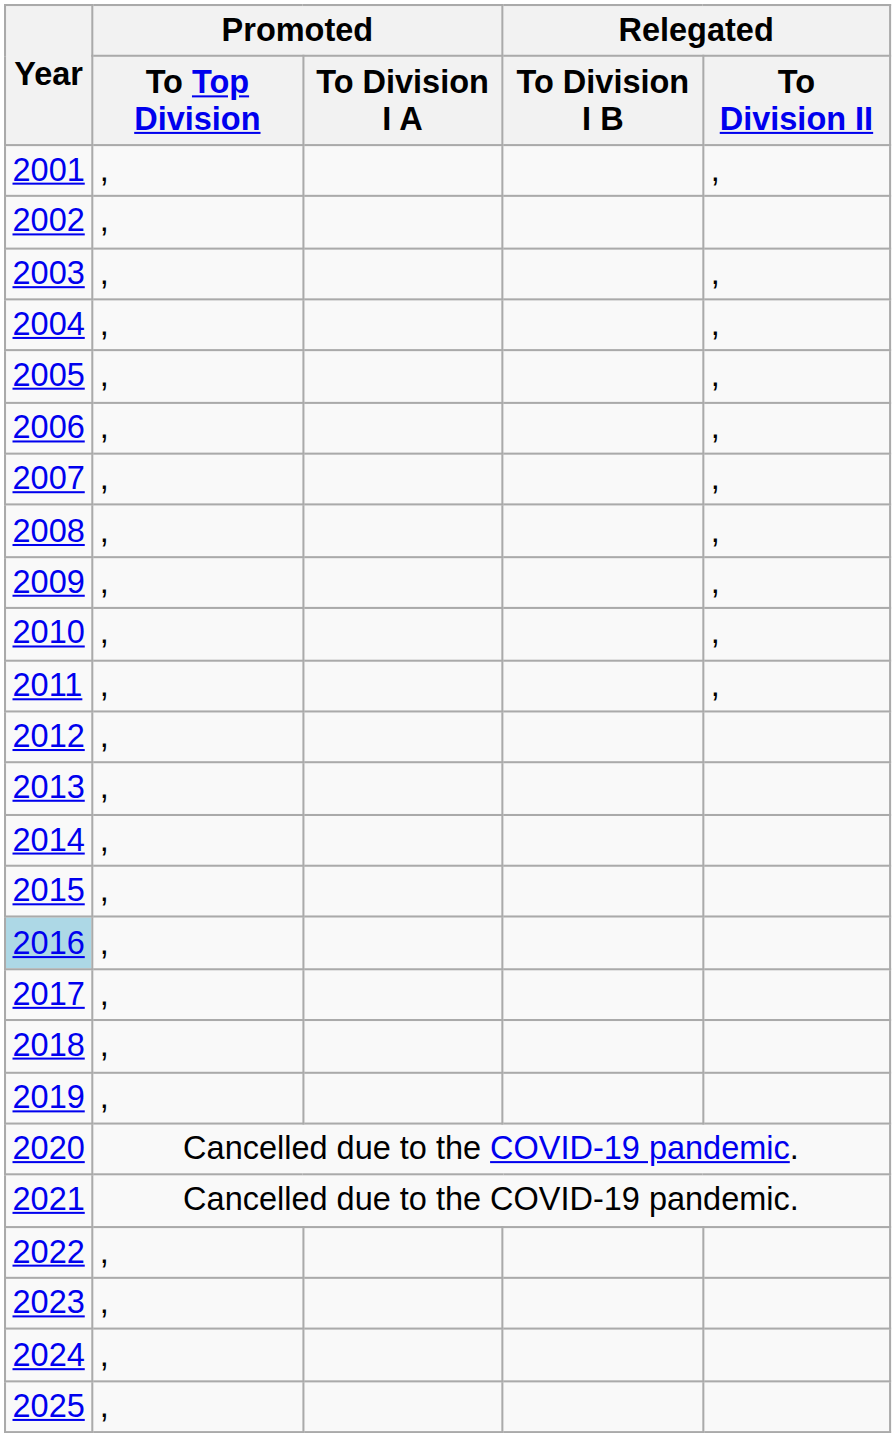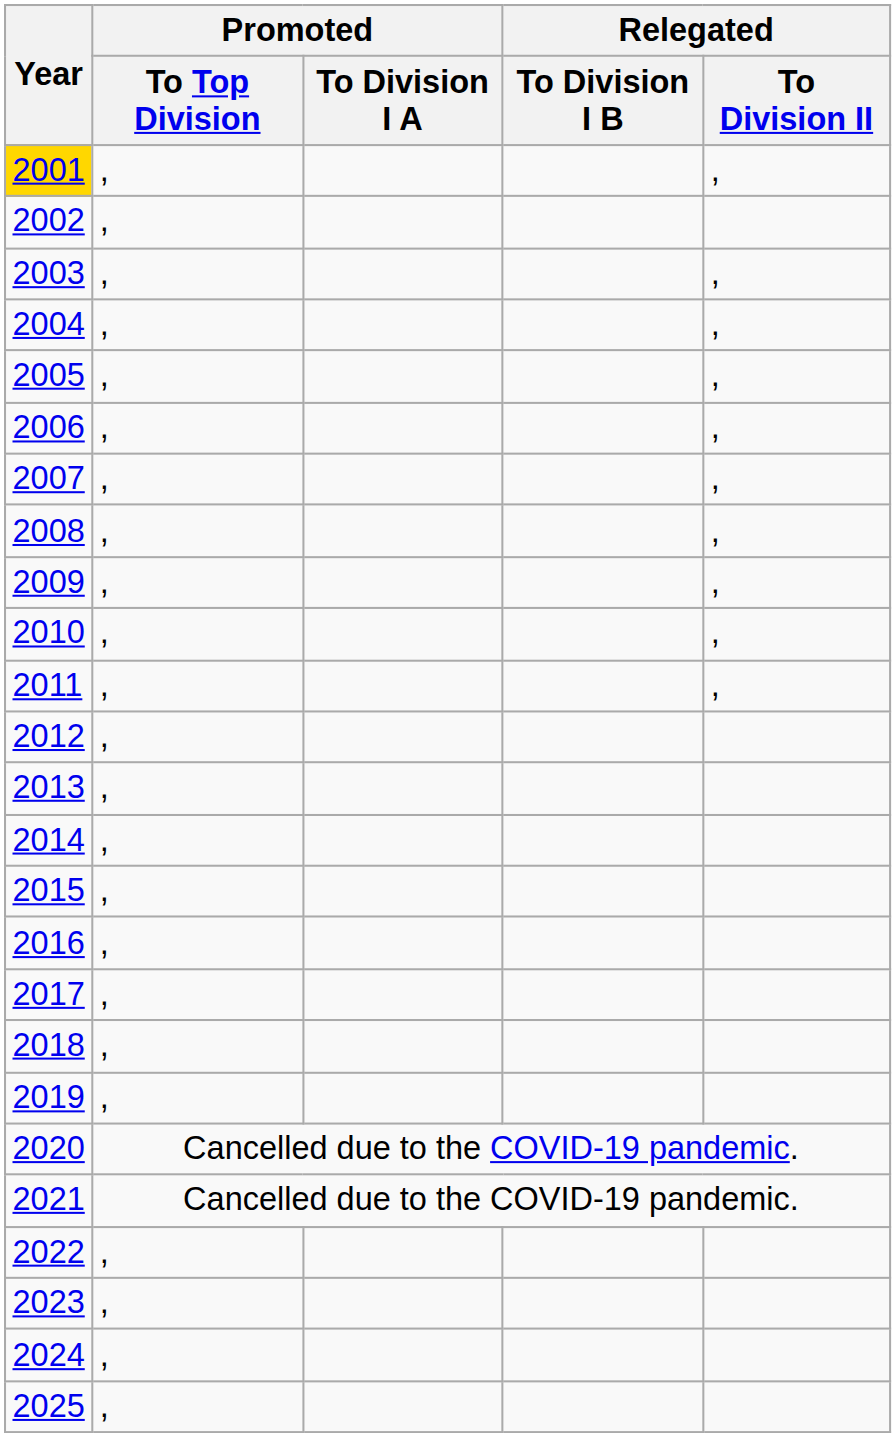 <table class="wikitable" width=70%>
 <tr>
 <th rowspan=2>Year</th>
 <th colspan=2>Promoted</th>
 <th colspan=2>Relegated</th>
 </tr>
 <tr>
 <th>To <a href='#'>Top Division</a></th>
 <th>To Division I A</th>
 <th>To Division I B</th>
 <th>To <a href='#'>Division II</a></th>
 </tr>
 <tr>
-<td><a href='#'>2001</a></td>
+<td style="background: gold;"><a href='#'>2001</a></td>
 <td>, </td>
 <td></td>
 <td></td>
 <td>, </td>
 </tr>
 <tr>
 <td><a href='#'>2002</a></td>
 <td>, </td>
 <td></td>
 <td></td>
 <td> </td>
 </tr>
 <tr>
 <td><a href='#'>2003</a></td>
 <td>, </td>
 <td></td>
 <td></td>
 <td>, </td>
 </tr>
 <tr>
 <td><a href='#'>2004</a></td>
 <td>, </td>
 <td></td>
 <td></td>
 <td>, </td>
 </tr>
 <tr>
 <td><a href='#'>2005</a></td>
 <td>, </td>
 <td></td>
 <td></td>
 <td>, </td>
 </tr>
 <tr>
 <td><a href='#'>2006</a></td>
 <td>, </td>
 <td></td>
 <td></td>
 <td>, </td>
 </tr>
 <tr>
 <td><a href='#'>2007</a></td>
 <td>, </td>
 <td></td>
 <td></td>
 <td>, </td>
 </tr>
 <tr>
 <td><a href='#'>2008</a></td>
 <td>, </td>
 <td></td>
 <td></td>
 <td>, </td>
 </tr>
 <tr>
 <td><a href='#'>2009</a></td>
 <td>, </td>
 <td></td>
 <td></td>
 <td>,</td>
 </tr>
 <tr>
 <td><a href='#'>2010</a></td>
 <td>, </td>
 <td></td>
 <td></td>
 <td>, </td>
 </tr>
 <tr>
 <td><a href='#'>2011</a></td>
 <td>, </td>
 <td></td>
 <td></td>
 <td>, </td>
 </tr>
 <tr>
 <td><a href='#'>2012</a></td>
 <td>, </td>
 <td></td>
 <td></td>
 <td></td>
 </tr>
 <tr>
 <td><a href='#'>2013</a></td>
 <td>, </td>
 <td></td>
 <td></td>
 <td></td>
 </tr>
 <tr>
 <td><a href='#'>2014</a></td>
 <td>, </td>
 <td></td>
 <td></td>
 <td></td>
 </tr>
 <tr>
 <td><a href='#'>2015</a></td>
 <td>, </td>
 <td></td>
 <td></td>
 <td></td>
 </tr>
 <tr>
-<td style="background: lightblue;"><a href='#'>2016</a></td>
+<td><a href='#'>2016</a></td>
 <td>, </td>
 <td></td>
 <td></td>
 <td></td>
 </tr>
 <tr>
 <td><a href='#'>2017</a></td>
 <td>, </td>
 <td></td>
 <td></td>
 <td></td>
 </tr>
 <tr>
 <td><a href='#'>2018</a></td>
 <td>, </td>
 <td></td>
 <td></td>
 <td></td>
 </tr>
 <tr>
 <td><a href='#'>2019</a></td>
 <td>, </td>
 <td></td>
 <td></td>
 <td></td>
 </tr>
 <tr>
 <td><a href='#'>2020</a></td>
 <td colspan=4 align=center>Cancelled due to the <a href='#'>COVID-19 pandemic</a>.</td>
 </tr>
 <tr>
 <td><a href='#'>2021</a></td>
 <td colspan=4 align=center>Cancelled due to the COVID-19 pandemic.</td>
 </tr>
 <tr>
 <td><a href='#'>2022</a></td>
 <td>, </td>
 <td></td>
 <td></td>
 <td></td>
 </tr>
 <tr>
 <td><a href='#'>2023</a></td>
 <td>, </td>
 <td></td>
 <td></td>
 <td></td>
 </tr>
 <tr>
 <td><a href='#'>2024</a></td>
 <td>, </td>
 <td></td>
 <td></td>
 <td></td>
 </tr>
 <tr>
 <td><a href='#'>2025</a></td>
 <td>, </td>
 <td></td>
 <td></td>
 <td></td>
 </tr>
 </table>
